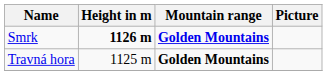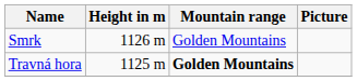 <table class="wikitable sortable">
 <tr>
 <th>Name</th>
 <th>Height in m</th>
 <th>Mountain range</th>
 <th>Picture</th>
 </tr>
 <tr>
 <td><a href='#'>Smrk</a></td>
-<td style="text-align:right"><strong>1126 m</strong></td>
-<td><strong><a href='#'>Golden Mountains</a></strong></td>
+<td style="text-align:right">1126 m</td>
+<td><a href='#'>Golden Mountains</a></td>
 <td></td>
 </tr>
 <tr>
 <td><a href='#'>Travná hora</a></td>
 <td style="text-align:right">1125 m</td>
 <td><strong>Golden Mountains</strong></td>
 <td></td>
 </tr>
 <tr>
 </tr>
 </table>
